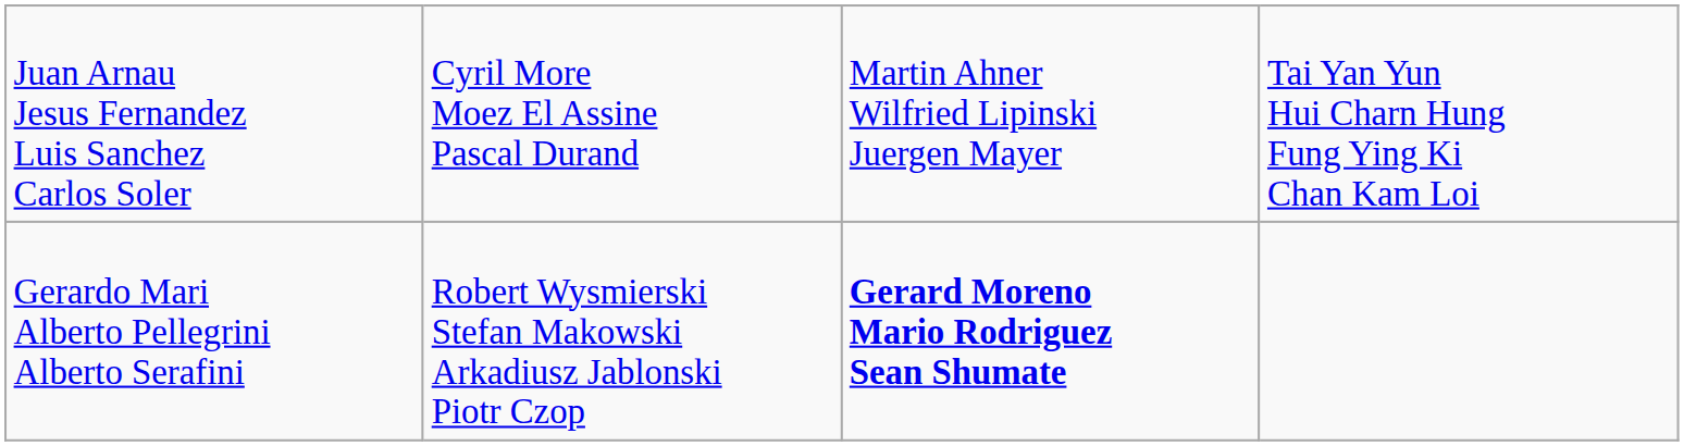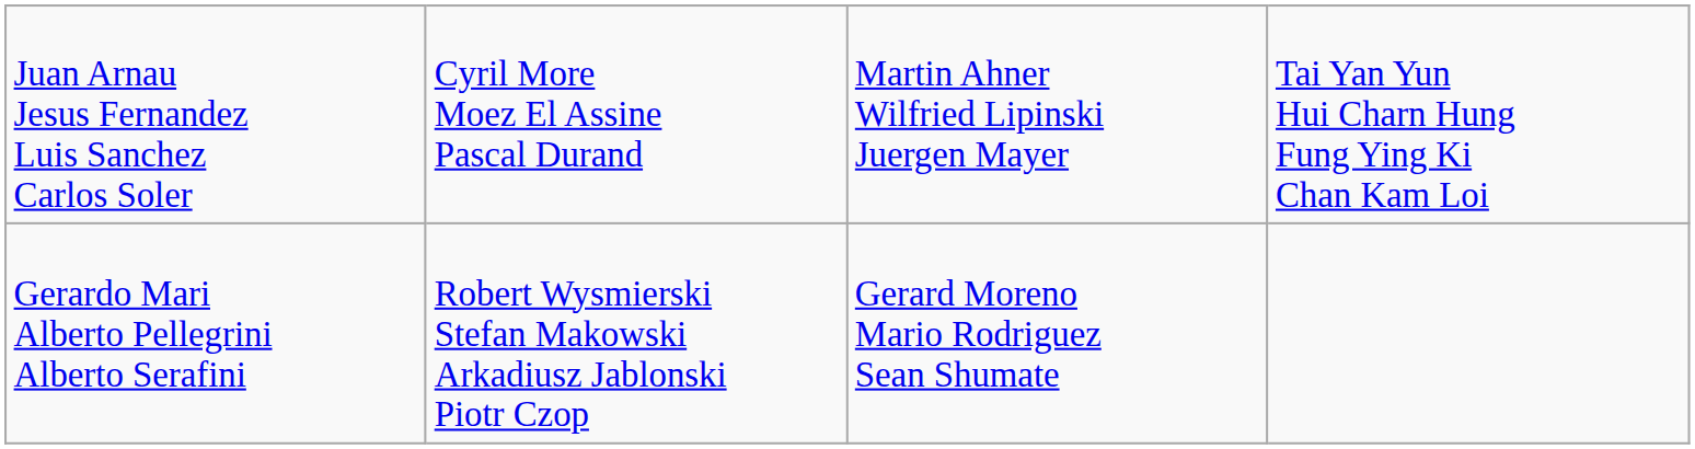 <table class="wikitable">
 <tr>
 <td style="vertical-align:top; width:180px"><br><a href='#'>Juan Arnau</a><br><a href='#'>Jesus Fernandez</a><br><a href='#'>Luis Sanchez</a><br><a href='#'>Carlos Soler</a></td>
 <td style="vertical-align:top; width:180px"><br><a href='#'>Cyril More</a><br><a href='#'>Moez El Assine</a><br><a href='#'>Pascal Durand</a></td>
 <td style="vertical-align:top; width:180px"><br><a href='#'>Martin Ahner</a><br><a href='#'>Wilfried Lipinski</a><br><a href='#'>Juergen Mayer</a></td>
 <td style="vertical-align:top; width:180px"><br><a href='#'>Tai Yan Yun</a><br><a href='#'>Hui Charn Hung</a><br><a href='#'>Fung Ying Ki</a><br><a href='#'>Chan Kam Loi</a></td>
 </tr>
 <tr>
 <td style="vertical-align:top; width:180px"><br><a href='#'>Gerardo Mari</a><br><a href='#'>Alberto Pellegrini</a><br><a href='#'>Alberto Serafini</a></td>
 <td style="vertical-align:top; width:180px"><br><a href='#'>Robert Wysmierski</a><br><a href='#'>Stefan Makowski</a><br><a href='#'>Arkadiusz Jablonski</a><br><a href='#'>Piotr Czop</a></td>
-<td style="vertical-align:top; width:180px"><strong><br><a href='#'>Gerard Moreno</a><br><a href='#'>Mario Rodriguez</a><br><a href='#'>Sean Shumate</a></strong></td>
+<td style="vertical-align:top; width:180px"><br><a href='#'>Gerard Moreno</a><br><a href='#'>Mario Rodriguez</a><br><a href='#'>Sean Shumate</a></td>
 </tr>
 </table>
